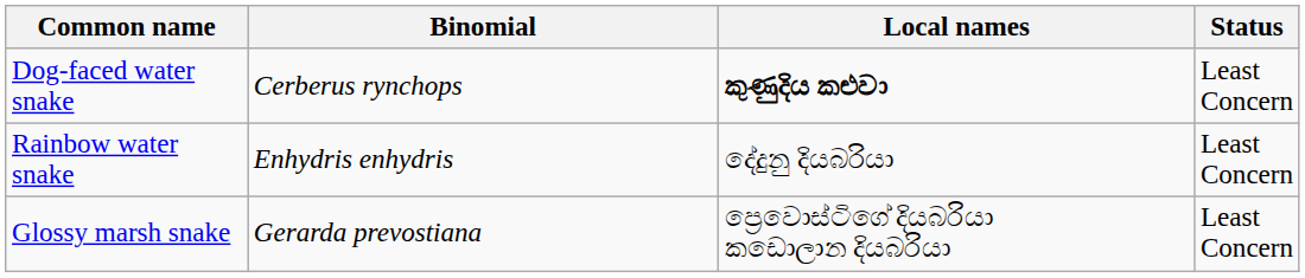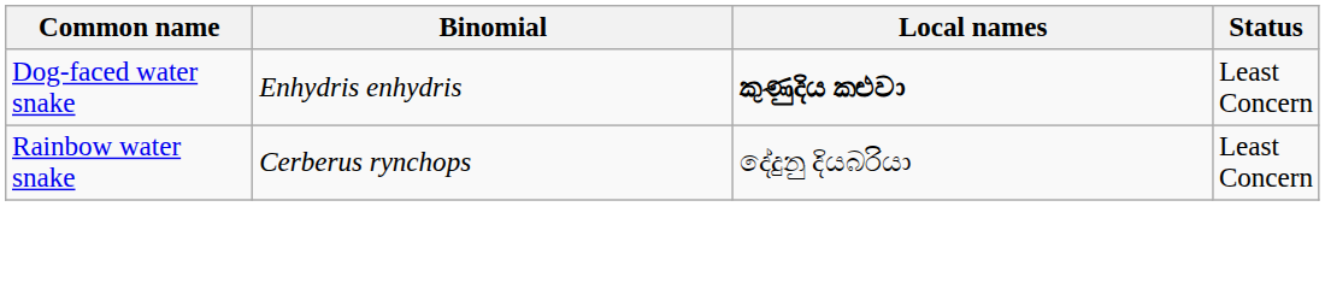 <table width=60% class="wikitable">
 <tr>
 <th width=20%>Common name</th>
 <th width=40%>Binomial</th>
 <th width=40%>Local names</th>
 <th width=60%>Status</th>
 </tr>
 <tr>
 <td><a href='#'>Dog-faced water snake</a><br></td>
-<td><em>Cerberus rynchops</em></td>
+<td><em>Enhydris enhydris</em></td>
 <td><strong>කුණුදිය කළුවා</strong></td>
 <td>Least Concern</td>
 </tr>
 <tr>
 <td><a href='#'>Rainbow water snake</a><br></td>
-<td><em>Enhydris enhydris</em></td>
+<td><em>Cerberus rynchops</em></td>
 <td>දේදුනු දියබරියා</td>
 <td>Least Concern</td>
 </tr>
-<tr>
-<td><a href='#'>Glossy marsh snake</a><br></td>
-<td><em>Gerarda prevostiana</em></td>
-<td>ප්‍රෙවොස්ටිගේ දියබරියා <br>කඩොලාන දියබරියා</td>
-<td>Least Concern</td>
-</tr>
 </table>
